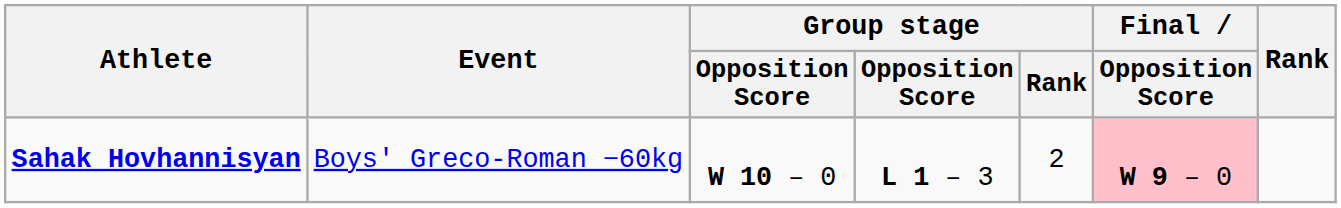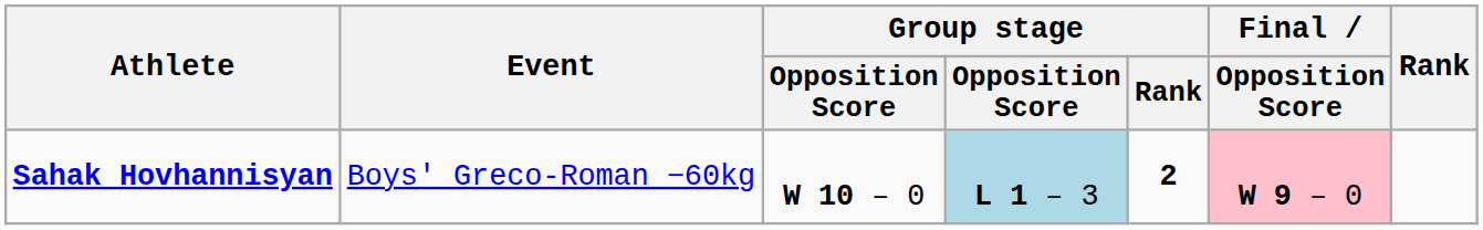 <table class="wikitable" style="font-size:90%">
 <tr>
 <th rowspan=2>Athlete</th>
 <th rowspan=2>Event</th>
 <th colspan=3>Group stage</th>
 <th>Final / </th>
 <th rowspan=2>Rank</th>
 </tr>
 <tr style="font-size:95%">
 <th>Opposition<br>Score</th>
 <th>Opposition<br>Score</th>
 <th>Rank</th>
 <th>Opposition<br>Score</th>
 </tr>
 <tr align=center>
 <td align=left><strong><a href='#'>Sahak Hovhannisyan</a></strong></td>
 <td align=left><a href='#'>Boys' Greco-Roman −60kg</a></td>
 <td><br><strong>W</strong> <strong>10</strong> – 0 <sup></sup></td>
-<td><br><strong>L</strong> <strong>1</strong> – 3 <sup></sup></td>
-<td>2 </td>
+<td style="background: lightblue;"><br><strong>L</strong> <strong>1</strong> – 3 <sup></sup></td>
+<td><strong>2 </strong></td>
 <td style="background: pink;"><br><strong>W</strong> <strong>9</strong> – 0 <sup></sup></td>
 <td></td>
 </tr>
 </table>
